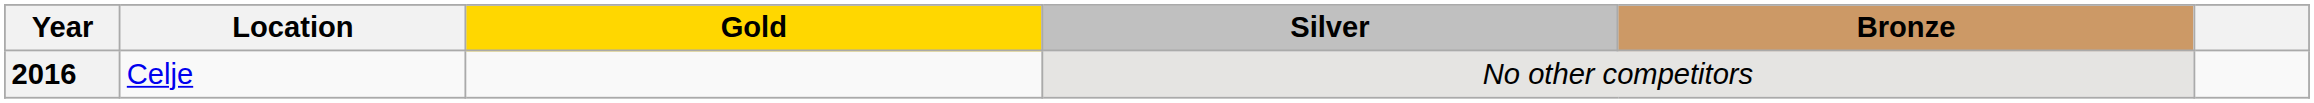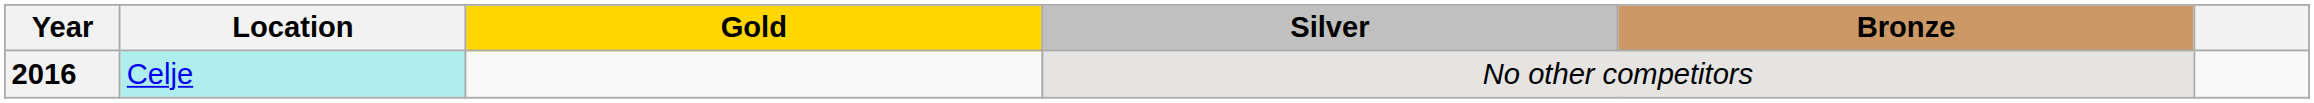 <table class="wikitable unsortable" style="text-align:left; width:80%">
 <tr>
 <th scope="col" style="text-align:center; width:5%">Year</th>
 <th scope="col" style="text-align:center; width:15%">Location</th>
 <td scope="col" style="text-align:center; width:25%; background:gold"><strong>Gold</strong></td>
 <td scope="col" style="text-align:center; width:25%; background:silver"><strong>Silver</strong></td>
 <td scope="col" style="text-align:center; width:25%; background:#c96"><strong>Bronze</strong></td>
 <th scope="col" style="text-align:center; width:5%"></th>
 </tr>
 <tr>
 <th scope="row" style="text-align:left">2016</th>
-<td><a href='#'>Celje</a></td>
+<td style="background: paleturquoise;"><a href='#'>Celje</a></td>
 <td></td>
 <td colspan="2" bgcolor="e5e4e2" align="center"><em>No other competitors</em></td>
 <td></td>
 </tr>
 </table>
